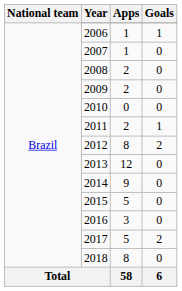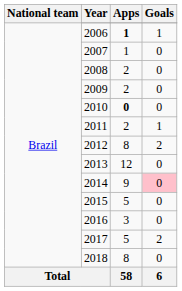 <table class="wikitable" style="text-align:center">
 <tr>
 <th>National team</th>
 <th>Year</th>
 <th>Apps</th>
 <th>Goals</th>
 </tr>
 <tr>
 <td rowspan=14><a href='#'>Brazil</a></td>
 </tr>
 <tr>
 <td>2006</td>
-<td>1</td>
+<td><strong>1</strong></td>
 <td>1</td>
 </tr>
 <tr>
 <td>2007</td>
 <td>1</td>
 <td>0</td>
 </tr>
 <tr>
 <td>2008</td>
 <td>2</td>
 <td>0</td>
 </tr>
 <tr>
 <td>2009</td>
 <td>2</td>
 <td>0</td>
 </tr>
 <tr>
 <td>2010</td>
-<td>0</td>
+<td><strong>0</strong></td>
 <td>0</td>
 </tr>
 <tr>
 <td>2011</td>
 <td>2</td>
 <td>1</td>
 </tr>
 <tr>
 <td>2012</td>
 <td>8</td>
 <td>2</td>
 </tr>
 <tr>
 <td>2013</td>
 <td>12</td>
 <td>0</td>
 </tr>
 <tr>
 <td>2014</td>
 <td>9</td>
-<td>0</td>
+<td style="background: pink;">0</td>
 </tr>
 <tr>
 <td>2015</td>
 <td>5</td>
 <td>0</td>
 </tr>
 <tr>
 <td>2016</td>
 <td>3</td>
 <td>0</td>
 </tr>
 <tr>
 <td>2017</td>
 <td>5</td>
 <td>2</td>
 </tr>
 <tr>
 <td>2018</td>
 <td>8</td>
 <td>0</td>
 </tr>
 <tr>
 <th colspan=2>Total</th>
 <th>58</th>
 <th>6</th>
 </tr>
 </table>
